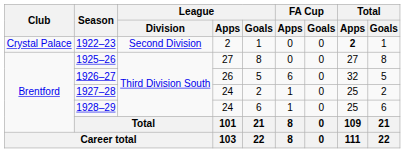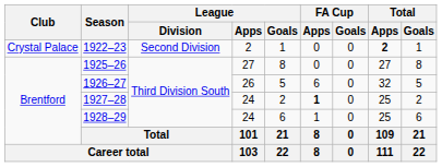 <table class="wikitable" style="text-align: center;">
 <tr>
 <th rowspan="2">Club</th>
 <th rowspan="2">Season</th>
 <th colspan="3">League</th>
 <th colspan="2">FA Cup</th>
 <th colspan="2">Total</th>
 </tr>
 <tr>
 <th>Division</th>
 <th>Apps</th>
 <th>Goals</th>
 <th>Apps</th>
 <th>Goals</th>
 <th>Apps</th>
 <th>Goals</th>
 </tr>
 <tr>
 <td><a href='#'>Crystal Palace</a></td>
 <td><a href='#'>1922–23</a></td>
 <td><a href='#'>Second Division</a></td>
 <td>2</td>
 <td>1</td>
 <td>0</td>
 <td>0</td>
 <td><strong>2</strong></td>
 <td>1</td>
 </tr>
 <tr>
 <td rowspan="5"><a href='#'>Brentford</a></td>
 <td><a href='#'>1925–26</a></td>
 <td rowspan="4"><a href='#'>Third Division South</a></td>
 <td>27</td>
 <td>8</td>
 <td>0</td>
 <td>0</td>
 <td>27</td>
 <td>8</td>
 </tr>
 <tr>
 <td><a href='#'>1926–27</a></td>
 <td>26</td>
 <td>5</td>
 <td>6</td>
 <td>0</td>
 <td>32</td>
 <td>5</td>
 </tr>
 <tr>
 <td><a href='#'>1927–28</a></td>
 <td>24</td>
 <td>2</td>
-<td>1</td>
+<td><strong>1</strong></td>
 <td>0</td>
 <td>25</td>
 <td>2</td>
 </tr>
 <tr>
 <td><a href='#'>1928–29</a></td>
 <td>24</td>
 <td>6</td>
 <td>1</td>
 <td>0</td>
 <td>25</td>
 <td>6</td>
 </tr>
 <tr>
 <th colspan="2">Total</th>
 <th>101</th>
 <th>21</th>
 <th>8</th>
 <th>0</th>
 <th>109</th>
 <th>21</th>
 </tr>
 <tr>
 <th colspan="3">Career total</th>
 <th>103</th>
 <th>22</th>
 <th>8</th>
 <th>0</th>
 <th>111</th>
 <th>22</th>
 </tr>
 </table>
